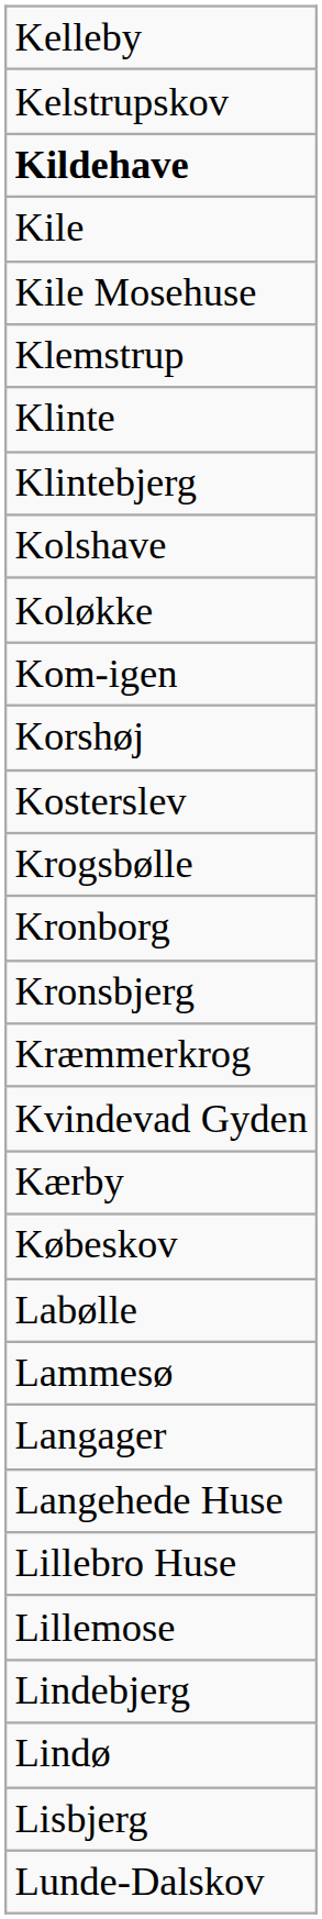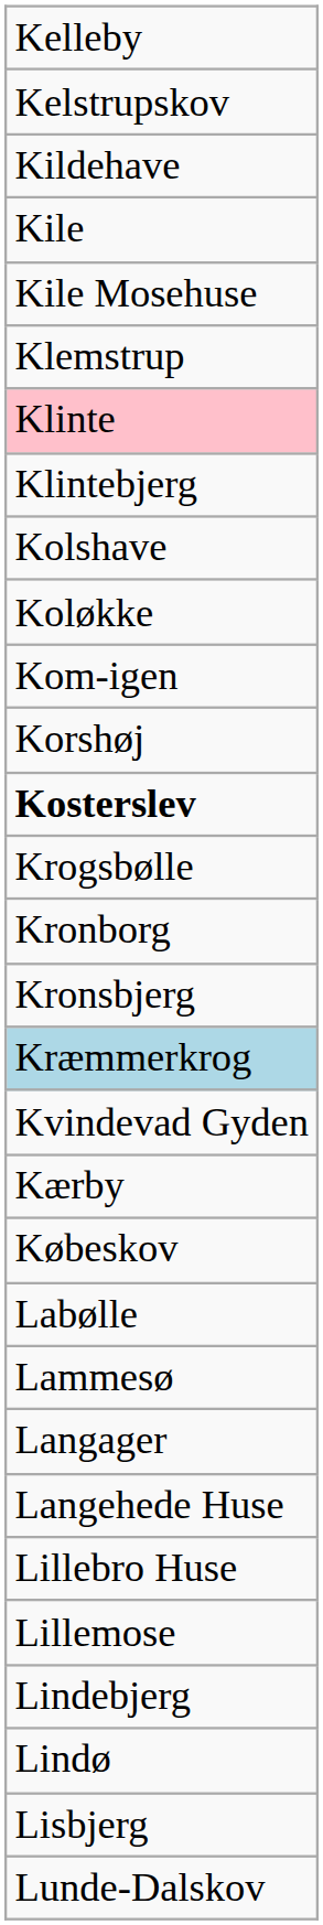 <table class="wikitable" style="float:left; margin-right:1em">
 <tr>
 <td>Kelleby</td>
 </tr>
 <tr>
 <td>Kelstrupskov</td>
 </tr>
 <tr>
-<td><strong>Kildehave</strong></td>
+<td>Kildehave</td>
 </tr>
 <tr>
 <td>Kile</td>
 </tr>
 <tr>
 <td>Kile Mosehuse</td>
 </tr>
 <tr>
 <td>Klemstrup</td>
 </tr>
 <tr>
-<td>Klinte</td>
+<td style="background: pink;">Klinte</td>
 </tr>
 <tr>
 <td>Klintebjerg</td>
 </tr>
 <tr>
 <td>Kolshave</td>
 </tr>
 <tr>
 <td>Koløkke</td>
 </tr>
 <tr>
 <td>Kom-igen</td>
 </tr>
 <tr>
 <td>Korshøj</td>
 </tr>
 <tr>
-<td>Kosterslev</td>
+<td><strong>Kosterslev</strong></td>
 </tr>
 <tr>
 <td>Krogsbølle</td>
 </tr>
 <tr>
 <td>Kronborg</td>
 </tr>
 <tr>
 <td>Kronsbjerg</td>
 </tr>
 <tr>
-<td>Kræmmerkrog</td>
+<td style="background: lightblue;">Kræmmerkrog</td>
 </tr>
 <tr>
 <td>Kvindevad Gyden</td>
 </tr>
 <tr>
 <td>Kærby</td>
 </tr>
 <tr>
 <td>Købeskov</td>
 </tr>
 <tr>
 <td>Labølle</td>
 </tr>
 <tr>
 <td>Lammesø</td>
 </tr>
 <tr>
 <td>Langager</td>
 </tr>
 <tr>
 <td>Langehede Huse</td>
 </tr>
 <tr>
 <td>Lillebro Huse</td>
 </tr>
 <tr>
 <td>Lillemose</td>
 </tr>
 <tr>
 <td>Lindebjerg</td>
 </tr>
 <tr>
 <td>Lindø</td>
 </tr>
 <tr>
 <td>Lisbjerg</td>
 </tr>
 <tr>
 <td>Lunde-Dalskov</td>
 </tr>
 </table>
